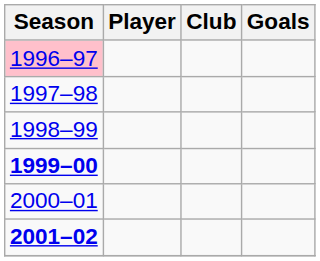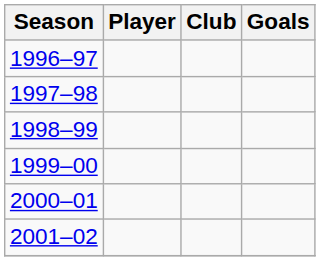 <table class="sortable wikitable">
 <tr>
 <th>Season</th>
 <th>Player</th>
 <th>Club</th>
 <th>Goals</th>
 </tr>
 <tr>
-<td align=center style="background: pink;"><a href='#'>1996–97</a></td>
+<td align=center><a href='#'>1996–97</a></td>
 <td></td>
 <td></td>
 <td></td>
 </tr>
 <tr>
 <td align=center><a href='#'>1997–98</a></td>
 <td></td>
 <td></td>
 <td></td>
 </tr>
 <tr>
 <td align=center><a href='#'>1998–99</a></td>
 <td></td>
 <td></td>
 <td></td>
 </tr>
 <tr>
-<td align=center><strong><a href='#'>1999–00</a></strong></td>
+<td align=center><a href='#'>1999–00</a></td>
 <td></td>
 <td></td>
 <td></td>
 </tr>
 <tr>
 <td align=center><a href='#'>2000–01</a></td>
 <td></td>
 <td></td>
 <td></td>
 </tr>
 <tr>
-<td align=center><strong><a href='#'>2001–02</a></strong></td>
+<td align=center><a href='#'>2001–02</a></td>
 <td></td>
 <td></td>
 <td></td>
 </tr>
 <tr>
 </tr>
 </table>
